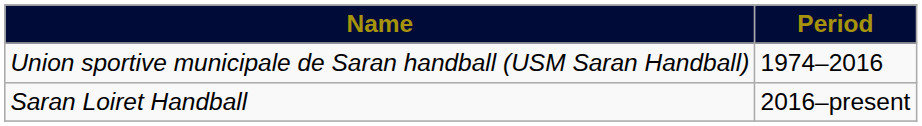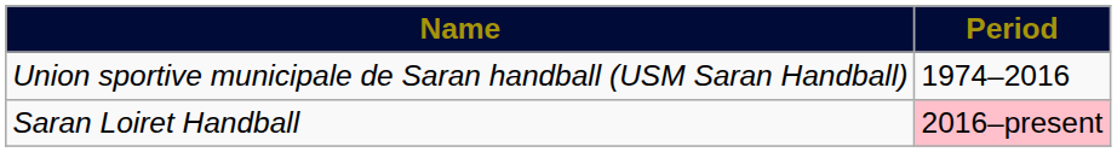 <table class="wikitable" style="text-align: left">
 <tr>
 <th style="color:#A6940B; background:#000B37">Name</th>
 <th style="color:#A6940B; background:#000B37">Period</th>
 </tr>
 <tr>
 <td align=left><em>Union sportive municipale de Saran handball (USM Saran Handball)</em></td>
 <td>1974–2016</td>
 </tr>
 <tr>
 <td align=left><em>Saran Loiret Handball</em></td>
-<td>2016–present</td>
+<td style="background: pink;">2016–present</td>
 </tr>
 </table>
